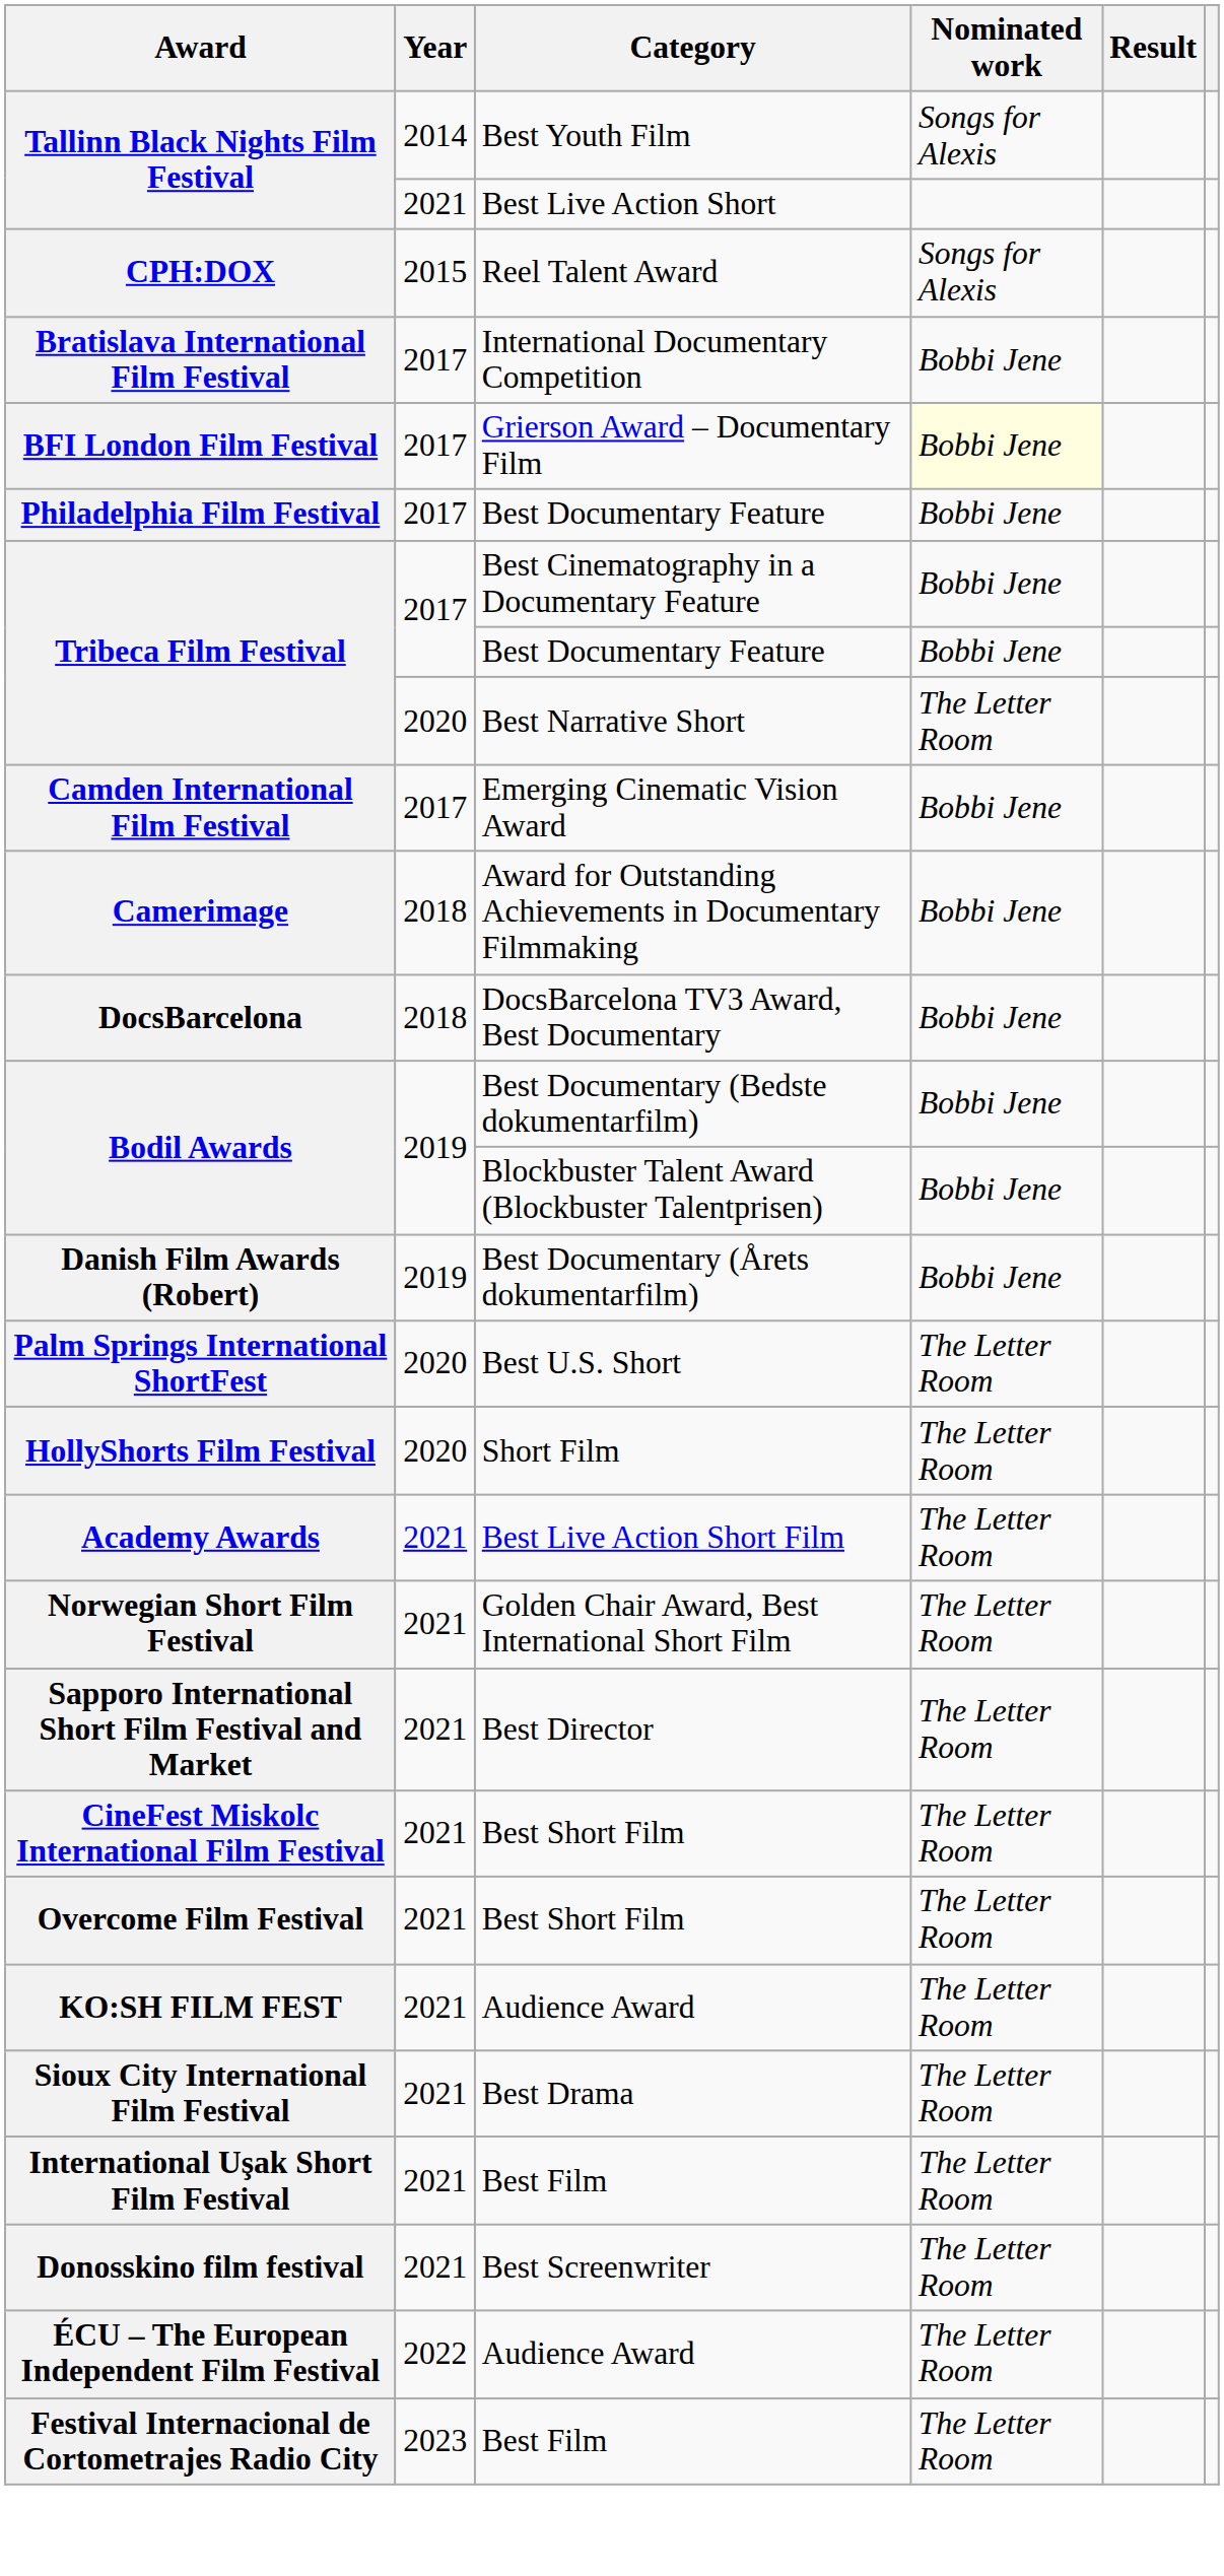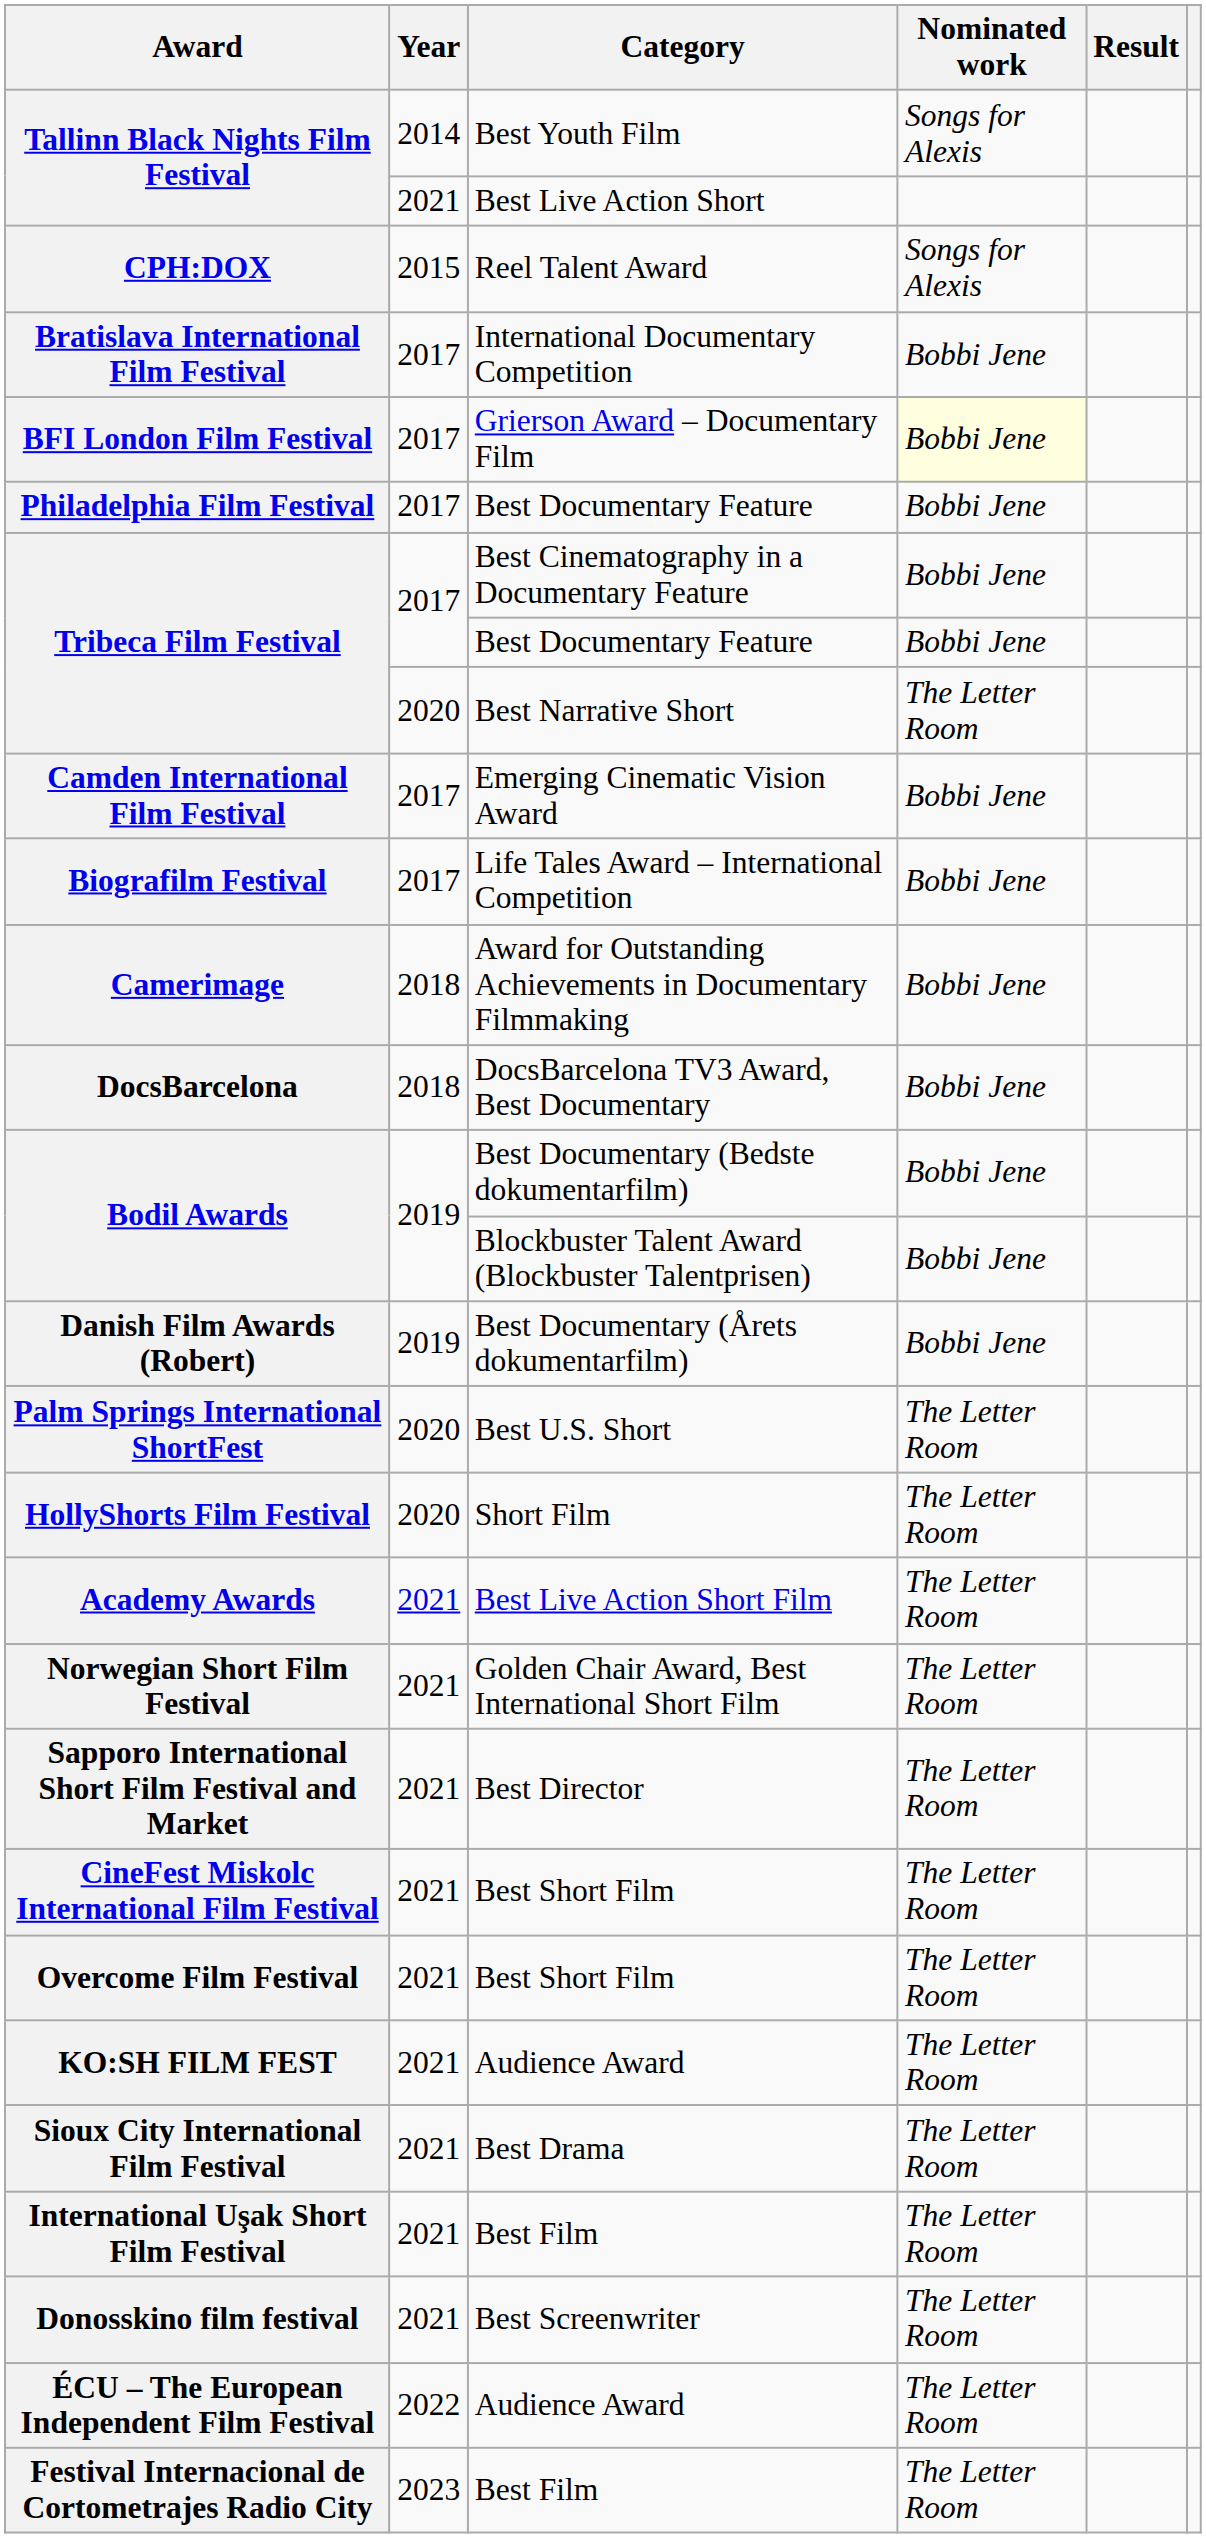 <table class="wikitable plainrowheaders sortable">
 <tr>
 <th scope="col">Award</th>
 <th scope="col">Year</th>
 <th scope="col">Category</th>
 <th scope="col">Nominated work</th>
 <th scope="col">Result</th>
 <th scope="col" class="unsortable"></th>
 </tr>
 <tr>
 <th scope="rowgroup" rowspan="2"><a href='#'>Tallinn Black Nights Film Festival</a></th>
 <td style="text-align:center;">2014</td>
 <td>Best Youth Film</td>
 <td><em>Songs for Alexis</em></td>
 <td></td>
 <td style="text-align:center;"></td>
 </tr>
 <tr>
 <td style="text-align:center;">2021</td>
 <td>Best Live Action Short</td>
 <td><em></em></td>
 <td></td>
 <td style="text-align:center;"></td>
 </tr>
 <tr>
 <th scope="row"><a href='#'>CPH:DOX</a></th>
 <td style="text-align:center;">2015</td>
 <td>Reel Talent Award</td>
 <td><em>Songs for Alexis</em></td>
 <td></td>
 <td style="text-align:center;"></td>
 </tr>
 <tr>
 <th scope="row"><a href='#'>Bratislava International Film Festival</a></th>
 <td style="text-align:center;">2017</td>
 <td>International Documentary Competition</td>
 <td><em>Bobbi Jene</em></td>
 <td></td>
 <td style="text-align:center;"></td>
 </tr>
 <tr>
 <th scope="row"><a href='#'>BFI London Film Festival</a></th>
 <td style="text-align:center;">2017</td>
 <td><a href='#'>Grierson Award</a> – Documentary Film</td>
 <td style="background: lightyellow;"><em>Bobbi Jene</em></td>
 <td></td>
 <td style="text-align:center;"></td>
 </tr>
 <tr>
 <th scope="row"><a href='#'>Philadelphia Film Festival</a></th>
 <td style="text-align:center;">2017</td>
 <td>Best Documentary Feature</td>
 <td><em>Bobbi Jene</em></td>
 <td></td>
 <td style="text-align:center;"></td>
 </tr>
 <tr>
 <th scope="row" rowspan="3"><a href='#'>Tribeca Film Festival</a></th>
 <td style="text-align:center;" rowspan="2">2017</td>
 <td>Best Cinematography in a Documentary Feature</td>
 <td><em>Bobbi Jene</em></td>
 <td></td>
 <td style="text-align:center;"></td>
 </tr>
 <tr>
 <td>Best Documentary Feature</td>
 <td><em>Bobbi Jene</em></td>
 <td></td>
 <td style="text-align:center;"></td>
 </tr>
 <tr>
 <td style="text-align:center;">2020</td>
 <td>Best Narrative Short</td>
 <td><em>The Letter Room</em></td>
 <td></td>
 <td style="text-align:center;"></td>
 </tr>
 <tr>
 <th scope="row"><a href='#'>Camden International Film Festival</a></th>
 <td style="text-align:center;">2017</td>
 <td>Emerging Cinematic Vision Award</td>
+<td><em>Bobbi Jene</em></td>
+<td></td>
+<td style="text-align:center;"></td>
+</tr>
+<tr>
+<th scope="row"><a href='#'>Biografilm Festival</a></th>
+<td style="text-align:center;">2017</td>
+<td>Life Tales Award – International Competition</td>
 <td><em>Bobbi Jene</em></td>
 <td></td>
 <td style="text-align:center;"></td>
 </tr>
 <tr>
 <th scope="row"><a href='#'>Camerimage</a></th>
 <td style="text-align:center;">2018</td>
 <td>Award for Outstanding Achievements in Documentary Filmmaking</td>
 <td><em>Bobbi Jene</em></td>
 <td></td>
 <td style="text-align:center;"></td>
 </tr>
 <tr>
 <th scope="row">DocsBarcelona</th>
 <td style="text-align:center;">2018</td>
 <td>DocsBarcelona TV3 Award, Best Documentary</td>
 <td><em>Bobbi Jene</em></td>
 <td></td>
 <td style="text-align:center;"></td>
 </tr>
 <tr>
 <th scope="row" rowspan="2"><a href='#'>Bodil Awards</a></th>
 <td style="text-align:center;" rowspan="2">2019</td>
 <td>Best Documentary (Bedste dokumentarfilm)</td>
 <td><em>Bobbi Jene</em></td>
 <td></td>
 <td style="text-align:center;"></td>
 </tr>
 <tr>
 <td>Blockbuster Talent Award (Blockbuster Talentprisen)</td>
 <td><em>Bobbi Jene</em></td>
 <td></td>
 <td style="text-align:center;"></td>
 </tr>
 <tr>
 <th scope="row">Danish Film Awards (Robert)</th>
 <td style="text-align:center;">2019</td>
 <td>Best Documentary (Årets dokumentarfilm)</td>
 <td><em>Bobbi Jene</em></td>
 <td></td>
 <td style="text-align:center;"></td>
 </tr>
 <tr>
 <th scope="row"><a href='#'>Palm Springs International ShortFest</a></th>
 <td style="text-align:center;">2020</td>
 <td>Best U.S. Short</td>
 <td><em>The Letter Room</em></td>
 <td></td>
 <td style="text-align:center;"></td>
 </tr>
 <tr>
 <th scope="row"><a href='#'>HollyShorts Film Festival</a></th>
 <td style="text-align:center;">2020</td>
 <td>Short Film</td>
 <td><em>The Letter Room</em></td>
 <td></td>
 <td style="text-align:center;"></td>
 </tr>
 <tr>
 <th scope="row"><a href='#'>Academy Awards</a></th>
 <td style="text-align:center;"><a href='#'>2021</a></td>
 <td><a href='#'>Best Live Action Short Film</a></td>
 <td><em>The Letter Room</em></td>
 <td></td>
 <td style="text-align:center;"></td>
 </tr>
 <tr>
 <th scope="row">Norwegian Short Film Festival</th>
 <td style="text-align:center;">2021</td>
 <td>Golden Chair Award, Best International Short Film</td>
 <td><em>The Letter Room</em></td>
 <td></td>
 <td style="text-align:center;"></td>
 </tr>
 <tr>
 <th scope="row">Sapporo International Short Film Festival and Market</th>
 <td style="text-align:center;">2021</td>
 <td>Best Director</td>
 <td><em>The Letter Room</em></td>
 <td></td>
 <td style="text-align:center;"></td>
 </tr>
 <tr>
 <th scope="row"><a href='#'>CineFest Miskolc International Film Festival</a></th>
 <td style="text-align:center;">2021</td>
 <td>Best Short Film</td>
 <td><em>The Letter Room</em></td>
 <td></td>
 <td style="text-align:center;"></td>
 </tr>
 <tr>
 <th scope="row">Overcome Film Festival</th>
 <td style="text-align:center;">2021</td>
 <td>Best Short Film</td>
 <td><em>The Letter Room</em></td>
 <td></td>
 <td style="text-align:center;"></td>
 </tr>
 <tr>
 <th scope="row">KO:SH FILM FEST</th>
 <td style="text-align:center;">2021</td>
 <td>Audience Award</td>
 <td><em>The Letter Room</em></td>
 <td></td>
 <td style="text-align:center;"></td>
 </tr>
 <tr>
 <th scope="row">Sioux City International Film Festival</th>
 <td style="text-align:center;">2021</td>
 <td>Best Drama</td>
 <td><em>The Letter Room</em></td>
 <td></td>
 <td style="text-align:center;"></td>
 </tr>
 <tr>
 <th scope="row">International Uşak Short Film Festival</th>
 <td style="text-align:center;">2021</td>
 <td>Best Film</td>
 <td><em>The Letter Room</em></td>
 <td></td>
 <td style="text-align:center;"></td>
 </tr>
 <tr>
 <th scope="row">Donosskino film festival</th>
 <td style="text-align:center;">2021</td>
 <td>Best Screenwriter</td>
 <td><em>The Letter Room</em></td>
 <td></td>
 <td style="text-align:center;"></td>
 </tr>
 <tr>
 <th scope="row">ÉCU – The European Independent Film Festival</th>
 <td style="text-align:center;">2022</td>
 <td>Audience Award</td>
 <td><em>The Letter Room</em></td>
 <td></td>
 <td style="text-align:center;"></td>
 </tr>
 <tr>
 <th scope="row">Festival Internacional de Cortometrajes Radio City</th>
 <td style="text-align:center;">2023</td>
 <td>Best Film</td>
 <td><em>The Letter Room</em></td>
 <td></td>
 <td style="text-align:center;"></td>
 </tr>
 </table>
